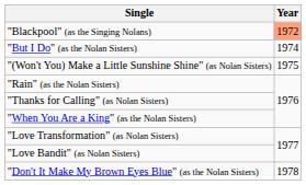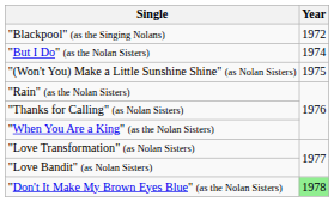 <table class="wikitable">
 <tr>
 <th>Single</th>
 <th>Year</th>
 </tr>
 <tr>
 <td>"Blackpool" <small>(as the Singing Nolans)</small></td>
-<td style="background: lightsalmon;">1972</td>
+<td>1972</td>
 </tr>
 <tr>
 <td>"<a href='#'>But I Do</a>" <small>(as the Nolan Sisters)</small></td>
 <td>1974</td>
 </tr>
 <tr>
 <td>"(Won't You) Make a Little Sunshine Shine" <small>(as Nolan Sisters)</small></td>
 <td>1975</td>
 </tr>
 <tr>
 <td>"Rain" <small>(as the Nolan Sisters)</small></td>
 <td rowspan="3">1976</td>
 </tr>
 <tr>
 <td>"Thanks for Calling" <small>(as Nolan Sisters)</small></td>
 </tr>
 <tr>
 <td>"<a href='#'>When You Are a King</a>" <small>(as the Nolan Sisters)</small></td>
 </tr>
 <tr>
 <td>"Love Transformation" <small>(as Nolan Sisters)</small></td>
 <td rowspan="2">1977</td>
 </tr>
 <tr>
 <td>"Love Bandit" <small>(as Nolan Sisters)</small></td>
 </tr>
 <tr>
 <td>"<a href='#'>Don't It Make My Brown Eyes Blue</a>" <small>(as the Nolan Sisters)</small></td>
-<td>1978</td>
+<td style="background: lightgreen;">1978</td>
 </tr>
 </table>
